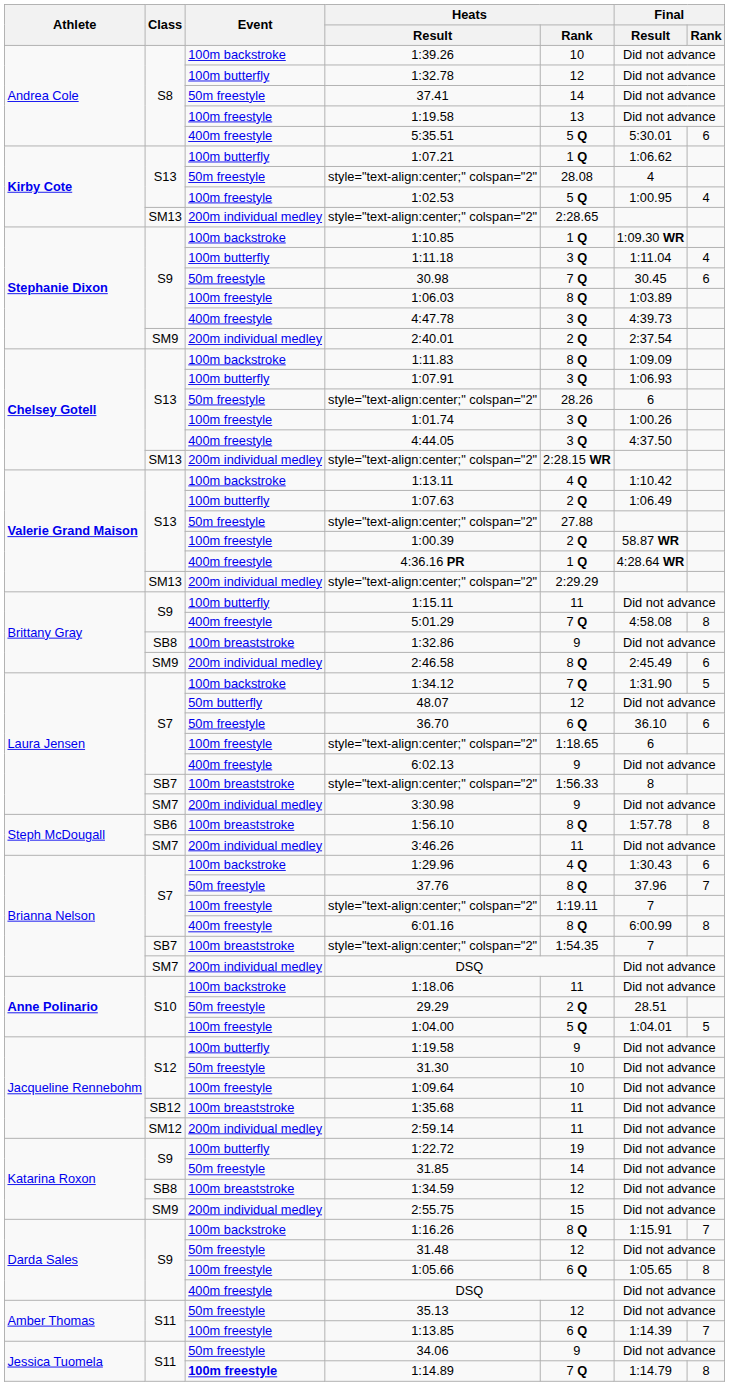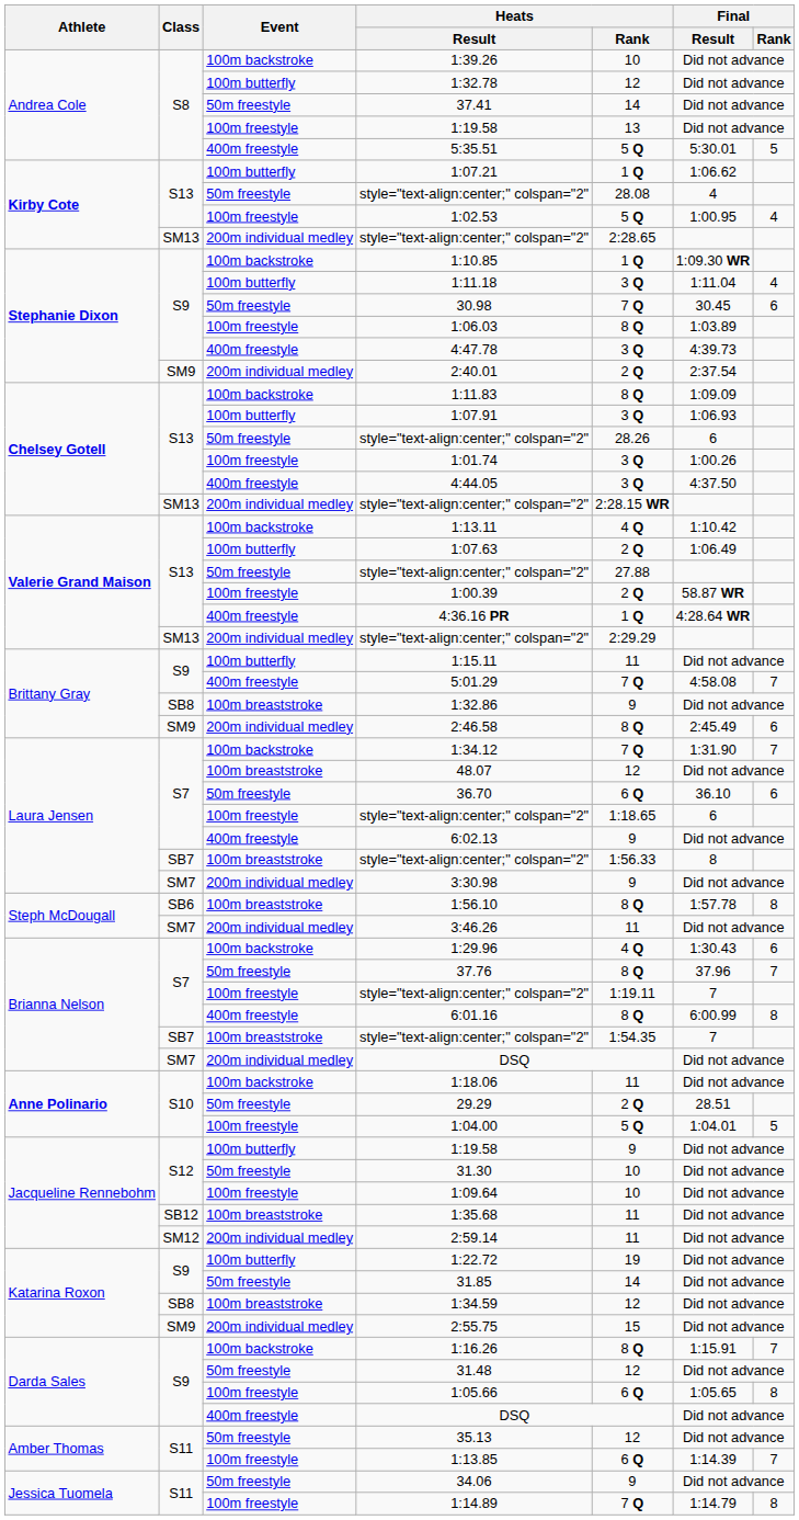 <table class=wikitable style="font-size:90%">
 <tr>
 <th rowspan="2">Athlete</th>
 <th rowspan="2">Class</th>
 <th rowspan="2">Event</th>
 <th colspan="2">Heats</th>
 <th colspan="2">Final</th>
 </tr>
 <tr>
 <th>Result</th>
 <th>Rank</th>
 <th>Result</th>
 <th>Rank</th>
 </tr>
 <tr>
 <td rowspan="5"><a href='#'>Andrea Cole</a></td>
 <td rowspan="5" style="text-align:center;">S8</td>
 <td><a href='#'>100m backstroke</a></td>
 <td style="text-align:center;">1:39.26</td>
 <td style="text-align:center;">10</td>
 <td style="text-align:center;" colspan="2">Did not advance</td>
 </tr>
 <tr>
 <td><a href='#'>100m butterfly</a></td>
 <td style="text-align:center;">1:32.78</td>
 <td style="text-align:center;">12</td>
 <td style="text-align:center;" colspan="2">Did not advance</td>
 </tr>
 <tr>
 <td><a href='#'>50m freestyle</a></td>
 <td style="text-align:center;">37.41</td>
 <td style="text-align:center;">14</td>
 <td style="text-align:center;" colspan="2">Did not advance</td>
 </tr>
 <tr>
 <td><a href='#'>100m freestyle</a></td>
 <td style="text-align:center;">1:19.58</td>
 <td style="text-align:center;">13</td>
 <td style="text-align:center;" colspan="2">Did not advance</td>
 </tr>
 <tr>
 <td><a href='#'>400m freestyle</a></td>
 <td style="text-align:center;">5:35.51</td>
 <td style="text-align:center;">5 <strong>Q</strong></td>
 <td style="text-align:center;">5:30.01</td>
-<td style="text-align:center;">6</td>
+<td style="text-align:center;">5</td>
 </tr>
 <tr>
 <td rowspan="4"><strong><a href='#'>Kirby Cote</a></strong></td>
 <td rowspan="3" style="text-align:center;">S13</td>
 <td><a href='#'>100m butterfly</a></td>
 <td style="text-align:center;">1:07.21</td>
 <td style="text-align:center;">1 <strong>Q</strong></td>
 <td style="text-align:center;">1:06.62</td>
 <td style="text-align:center;"></td>
 </tr>
 <tr>
 <td><a href='#'>50m freestyle</a></td>
 <td>style="text-align:center;" colspan="2" </td>
 <td style="text-align:center;">28.08</td>
 <td style="text-align:center;">4</td>
 </tr>
 <tr>
 <td><a href='#'>100m freestyle</a></td>
 <td style="text-align:center;">1:02.53</td>
 <td style="text-align:center;">5 <strong>Q</strong></td>
 <td style="text-align:center;">1:00.95</td>
 <td style="text-align:center;">4</td>
 </tr>
 <tr>
 <td style="text-align:center;">SM13</td>
 <td><a href='#'>200m individual medley</a></td>
 <td>style="text-align:center;" colspan="2" </td>
 <td style="text-align:center;">2:28.65</td>
 <td style="text-align:center;"></td>
 </tr>
 <tr>
 <td rowspan="6"><strong><a href='#'>Stephanie Dixon</a></strong></td>
 <td rowspan="5" style="text-align:center;">S9</td>
 <td><a href='#'>100m backstroke</a></td>
 <td style="text-align:center;">1:10.85</td>
 <td style="text-align:center;">1 <strong>Q</strong></td>
 <td style="text-align:center;">1:09.30 <strong>WR</strong></td>
 <td style="text-align:center;"></td>
 </tr>
 <tr>
 <td><a href='#'>100m butterfly</a></td>
 <td style="text-align:center;">1:11.18</td>
 <td style="text-align:center;">3 <strong>Q</strong></td>
 <td style="text-align:center;">1:11.04</td>
 <td style="text-align:center;">4</td>
 </tr>
 <tr>
 <td><a href='#'>50m freestyle</a></td>
 <td style="text-align:center;">30.98</td>
 <td style="text-align:center;">7 <strong>Q</strong></td>
 <td style="text-align:center;">30.45</td>
 <td style="text-align:center;">6</td>
 </tr>
 <tr>
 <td><a href='#'>100m freestyle</a></td>
 <td style="text-align:center;">1:06.03</td>
 <td style="text-align:center;">8 <strong>Q</strong></td>
 <td style="text-align:center;">1:03.89</td>
 <td style="text-align:center;"></td>
 </tr>
 <tr>
 <td><a href='#'>400m freestyle</a></td>
 <td style="text-align:center;">4:47.78</td>
 <td style="text-align:center;">3 <strong>Q</strong></td>
 <td style="text-align:center;">4:39.73</td>
 <td style="text-align:center;"></td>
 </tr>
 <tr>
 <td style="text-align:center;">SM9</td>
 <td><a href='#'>200m individual medley</a></td>
 <td style="text-align:center;">2:40.01</td>
 <td style="text-align:center;">2 <strong>Q</strong></td>
 <td style="text-align:center;">2:37.54</td>
 <td style="text-align:center;"></td>
 </tr>
 <tr>
 <td rowspan="6"><strong><a href='#'>Chelsey Gotell</a></strong></td>
 <td rowspan="5" style="text-align:center;">S13</td>
 <td><a href='#'>100m backstroke</a></td>
 <td style="text-align:center;">1:11.83</td>
 <td style="text-align:center;">8 <strong>Q</strong></td>
 <td style="text-align:center;">1:09.09</td>
 <td style="text-align:center;"></td>
 </tr>
 <tr>
 <td><a href='#'>100m butterfly</a></td>
 <td style="text-align:center;">1:07.91</td>
 <td style="text-align:center;">3 <strong>Q</strong></td>
 <td style="text-align:center;">1:06.93</td>
 <td style="text-align:center;"></td>
 </tr>
 <tr>
 <td><a href='#'>50m freestyle</a></td>
 <td>style="text-align:center;" colspan="2" </td>
 <td style="text-align:center;">28.26</td>
 <td style="text-align:center;">6</td>
 </tr>
 <tr>
 <td><a href='#'>100m freestyle</a></td>
 <td style="text-align:center;">1:01.74</td>
 <td style="text-align:center;">3 <strong>Q</strong></td>
 <td style="text-align:center;">1:00.26</td>
 <td style="text-align:center;"></td>
 </tr>
 <tr>
 <td><a href='#'>400m freestyle</a></td>
 <td style="text-align:center;">4:44.05</td>
 <td style="text-align:center;">3 <strong>Q</strong></td>
 <td style="text-align:center;">4:37.50</td>
 <td style="text-align:center;"></td>
 </tr>
 <tr>
 <td style="text-align:center;">SM13</td>
 <td><a href='#'>200m individual medley</a></td>
 <td>style="text-align:center;" colspan="2" </td>
 <td style="text-align:center;">2:28.15 <strong>WR</strong></td>
 <td style="text-align:center;"></td>
 </tr>
 <tr>
 <td rowspan="6"><strong><a href='#'>Valerie Grand Maison</a></strong></td>
 <td rowspan="5" style="text-align:center;">S13</td>
 <td><a href='#'>100m backstroke</a></td>
 <td style="text-align:center;">1:13.11</td>
 <td style="text-align:center;">4 <strong>Q</strong></td>
 <td style="text-align:center;">1:10.42</td>
 <td style="text-align:center;"></td>
 </tr>
 <tr>
 <td><a href='#'>100m butterfly</a></td>
 <td style="text-align:center;">1:07.63</td>
 <td style="text-align:center;">2 <strong>Q</strong></td>
 <td style="text-align:center;">1:06.49</td>
 <td style="text-align:center;"></td>
 </tr>
 <tr>
 <td><a href='#'>50m freestyle</a></td>
 <td>style="text-align:center;" colspan="2" </td>
 <td style="text-align:center;">27.88</td>
 <td style="text-align:center;"></td>
 </tr>
 <tr>
 <td><a href='#'>100m freestyle</a></td>
 <td style="text-align:center;">1:00.39</td>
 <td style="text-align:center;">2 <strong>Q</strong></td>
 <td style="text-align:center;">58.87 <strong>WR</strong></td>
 <td style="text-align:center;"></td>
 </tr>
 <tr>
 <td><a href='#'>400m freestyle</a></td>
 <td style="text-align:center;">4:36.16 <strong>PR</strong></td>
 <td style="text-align:center;">1 <strong>Q</strong></td>
 <td style="text-align:center;">4:28.64 <strong>WR</strong></td>
 <td style="text-align:center;"></td>
 </tr>
 <tr>
 <td style="text-align:center;">SM13</td>
 <td><a href='#'>200m individual medley</a></td>
 <td>style="text-align:center;" colspan="2" </td>
 <td style="text-align:center;">2:29.29</td>
 <td style="text-align:center;"></td>
 </tr>
 <tr>
 <td rowspan="4"><a href='#'>Brittany Gray</a></td>
 <td rowspan="2" style="text-align:center;">S9</td>
 <td><a href='#'>100m butterfly</a></td>
 <td style="text-align:center;">1:15.11</td>
 <td style="text-align:center;">11</td>
 <td style="text-align:center;" colspan="2">Did not advance</td>
 </tr>
 <tr>
 <td><a href='#'>400m freestyle</a></td>
 <td style="text-align:center;">5:01.29</td>
 <td style="text-align:center;">7 <strong>Q</strong></td>
 <td style="text-align:center;">4:58.08</td>
-<td style="text-align:center;">8</td>
+<td style="text-align:center;">7</td>
 </tr>
 <tr>
 <td style="text-align:center;">SB8</td>
 <td><a href='#'>100m breaststroke</a></td>
 <td style="text-align:center;">1:32.86</td>
 <td style="text-align:center;">9</td>
 <td style="text-align:center;" colspan="2">Did not advance</td>
 </tr>
 <tr>
 <td style="text-align:center;">SM9</td>
 <td><a href='#'>200m individual medley</a></td>
 <td style="text-align:center;">2:46.58</td>
 <td style="text-align:center;">8 <strong>Q</strong></td>
 <td style="text-align:center;">2:45.49</td>
 <td style="text-align:center;">6</td>
 </tr>
 <tr>
 <td rowspan="7"><a href='#'>Laura Jensen</a></td>
 <td rowspan="5" style="text-align:center;">S7</td>
 <td><a href='#'>100m backstroke</a></td>
 <td style="text-align:center;">1:34.12</td>
 <td style="text-align:center;">7 <strong>Q</strong></td>
 <td style="text-align:center;">1:31.90</td>
-<td style="text-align:center;">5</td>
+<td style="text-align:center;">7</td>
 </tr>
 <tr>
-<td><a href='#'>50m butterfly</a></td>
+<td><a href='#'>100m breaststroke</a></td>
 <td style="text-align:center;">48.07</td>
 <td style="text-align:center;">12</td>
 <td style="text-align:center;" colspan="2">Did not advance</td>
 </tr>
 <tr>
 <td><a href='#'>50m freestyle</a></td>
 <td style="text-align:center;">36.70</td>
 <td style="text-align:center;">6 <strong>Q</strong></td>
 <td style="text-align:center;">36.10</td>
 <td style="text-align:center;">6</td>
 </tr>
 <tr>
 <td><a href='#'>100m freestyle</a></td>
 <td>style="text-align:center;" colspan="2" </td>
 <td style="text-align:center;">1:18.65</td>
 <td style="text-align:center;">6</td>
 </tr>
 <tr>
 <td><a href='#'>400m freestyle</a></td>
 <td style="text-align:center;">6:02.13</td>
 <td style="text-align:center;">9</td>
 <td style="text-align:center;" colspan="2">Did not advance</td>
 </tr>
 <tr>
 <td style="text-align:center;">SB7</td>
 <td><a href='#'>100m breaststroke</a></td>
 <td>style="text-align:center;" colspan="2" </td>
 <td style="text-align:center;">1:56.33</td>
 <td style="text-align:center;">8</td>
 </tr>
 <tr>
 <td style="text-align:center;">SM7</td>
 <td><a href='#'>200m individual medley</a></td>
 <td style="text-align:center;">3:30.98</td>
 <td style="text-align:center;">9</td>
 <td style="text-align:center;" colspan="2">Did not advance</td>
 </tr>
 <tr>
 <td rowspan="2"><a href='#'>Steph McDougall</a></td>
 <td style="text-align:center;">SB6</td>
 <td><a href='#'>100m breaststroke</a></td>
 <td style="text-align:center;">1:56.10</td>
 <td style="text-align:center;">8 <strong>Q</strong></td>
 <td style="text-align:center;">1:57.78</td>
 <td style="text-align:center;">8</td>
 </tr>
 <tr>
 <td style="text-align:center;">SM7</td>
 <td><a href='#'>200m individual medley</a></td>
 <td style="text-align:center;">3:46.26</td>
 <td style="text-align:center;">11</td>
 <td style="text-align:center;" colspan="2">Did not advance</td>
 </tr>
 <tr>
 <td rowspan="6"><a href='#'>Brianna Nelson</a></td>
 <td rowspan="4" style="text-align:center;">S7</td>
 <td><a href='#'>100m backstroke</a></td>
 <td style="text-align:center;">1:29.96</td>
 <td style="text-align:center;">4 <strong>Q</strong></td>
 <td style="text-align:center;">1:30.43</td>
 <td style="text-align:center;">6</td>
 </tr>
 <tr>
 <td><a href='#'>50m freestyle</a></td>
 <td style="text-align:center;">37.76</td>
 <td style="text-align:center;">8 <strong>Q</strong></td>
 <td style="text-align:center;">37.96</td>
 <td style="text-align:center;">7</td>
 </tr>
 <tr>
 <td><a href='#'>100m freestyle</a></td>
 <td>style="text-align:center;" colspan="2" </td>
 <td style="text-align:center;">1:19.11</td>
 <td style="text-align:center;">7</td>
 </tr>
 <tr>
 <td><a href='#'>400m freestyle</a></td>
 <td style="text-align:center;">6:01.16</td>
 <td style="text-align:center;">8 <strong>Q</strong></td>
 <td style="text-align:center;">6:00.99</td>
 <td style="text-align:center;">8</td>
 </tr>
 <tr>
 <td style="text-align:center;">SB7</td>
 <td><a href='#'>100m breaststroke</a></td>
 <td>style="text-align:center;" colspan="2" </td>
 <td style="text-align:center;">1:54.35</td>
 <td style="text-align:center;">7</td>
 </tr>
 <tr>
 <td style="text-align:center;">SM7</td>
 <td><a href='#'>200m individual medley</a></td>
 <td style="text-align:center;" colspan="2">DSQ</td>
 <td style="text-align:center;" colspan="2">Did not advance</td>
 </tr>
 <tr>
 <td rowspan="3"><strong><a href='#'>Anne Polinario</a></strong></td>
 <td rowspan="3" style="text-align:center;">S10</td>
 <td><a href='#'>100m backstroke</a></td>
 <td style="text-align:center;">1:18.06</td>
 <td style="text-align:center;">11</td>
 <td style="text-align:center;" colspan="2">Did not advance</td>
 </tr>
 <tr>
 <td><a href='#'>50m freestyle</a></td>
 <td style="text-align:center;">29.29</td>
 <td style="text-align:center;">2 <strong>Q</strong></td>
 <td style="text-align:center;">28.51</td>
 <td style="text-align:center;"></td>
 </tr>
 <tr>
 <td><a href='#'>100m freestyle</a></td>
 <td style="text-align:center;">1:04.00</td>
 <td style="text-align:center;">5 <strong>Q</strong></td>
 <td style="text-align:center;">1:04.01</td>
 <td style="text-align:center;">5</td>
 </tr>
 <tr>
 <td rowspan="5"><a href='#'>Jacqueline Rennebohm</a></td>
 <td rowspan="3" style="text-align:center;">S12</td>
 <td><a href='#'>100m butterfly</a></td>
 <td style="text-align:center;">1:19.58</td>
 <td style="text-align:center;">9</td>
 <td style="text-align:center;" colspan="2">Did not advance</td>
 </tr>
 <tr>
 <td><a href='#'>50m freestyle</a></td>
 <td style="text-align:center;">31.30</td>
 <td style="text-align:center;">10</td>
 <td style="text-align:center;" colspan="2">Did not advance</td>
 </tr>
 <tr>
 <td><a href='#'>100m freestyle</a></td>
 <td style="text-align:center;">1:09.64</td>
 <td style="text-align:center;">10</td>
 <td style="text-align:center;" colspan="2">Did not advance</td>
 </tr>
 <tr>
 <td style="text-align:center;">SB12</td>
 <td><a href='#'>100m breaststroke</a></td>
 <td style="text-align:center;">1:35.68</td>
 <td style="text-align:center;">11</td>
 <td style="text-align:center;" colspan="2">Did not advance</td>
 </tr>
 <tr>
 <td style="text-align:center;">SM12</td>
 <td><a href='#'>200m individual medley</a></td>
 <td style="text-align:center;">2:59.14</td>
 <td style="text-align:center;">11</td>
 <td style="text-align:center;" colspan="2">Did not advance</td>
 </tr>
 <tr>
 <td rowspan="4"><a href='#'>Katarina Roxon</a></td>
 <td rowspan="2" style="text-align:center;">S9</td>
 <td><a href='#'>100m butterfly</a></td>
 <td style="text-align:center;">1:22.72</td>
 <td style="text-align:center;">19</td>
 <td style="text-align:center;" colspan="2">Did not advance</td>
 </tr>
 <tr>
 <td><a href='#'>50m freestyle</a></td>
 <td style="text-align:center;">31.85</td>
 <td style="text-align:center;">14</td>
 <td style="text-align:center;" colspan="2">Did not advance</td>
 </tr>
 <tr>
 <td style="text-align:center;">SB8</td>
 <td><a href='#'>100m breaststroke</a></td>
 <td style="text-align:center;">1:34.59</td>
 <td style="text-align:center;">12</td>
 <td style="text-align:center;" colspan="2">Did not advance</td>
 </tr>
 <tr>
 <td style="text-align:center;">SM9</td>
 <td><a href='#'>200m individual medley</a></td>
 <td style="text-align:center;">2:55.75</td>
 <td style="text-align:center;">15</td>
 <td style="text-align:center;" colspan="2">Did not advance</td>
 </tr>
 <tr>
 <td rowspan="4"><a href='#'>Darda Sales</a></td>
 <td rowspan="4" style="text-align:center;">S9</td>
 <td><a href='#'>100m backstroke</a></td>
 <td style="text-align:center;">1:16.26</td>
 <td style="text-align:center;">8 <strong>Q</strong></td>
 <td style="text-align:center;">1:15.91</td>
 <td style="text-align:center;">7</td>
 </tr>
 <tr>
 <td><a href='#'>50m freestyle</a></td>
 <td style="text-align:center;">31.48</td>
 <td style="text-align:center;">12</td>
 <td style="text-align:center;" colspan="2">Did not advance</td>
 </tr>
 <tr>
 <td><a href='#'>100m freestyle</a></td>
 <td style="text-align:center;">1:05.66</td>
 <td style="text-align:center;">6 <strong>Q</strong></td>
 <td style="text-align:center;">1:05.65</td>
 <td style="text-align:center;">8</td>
 </tr>
 <tr>
 <td><a href='#'>400m freestyle</a></td>
 <td style="text-align:center;" colspan="2">DSQ</td>
 <td style="text-align:center;" colspan="2">Did not advance</td>
 </tr>
 <tr>
 <td rowspan="2"><a href='#'>Amber Thomas</a></td>
 <td rowspan="2" style="text-align:center;">S11</td>
 <td><a href='#'>50m freestyle</a></td>
 <td style="text-align:center;">35.13</td>
 <td style="text-align:center;">12</td>
 <td style="text-align:center;" colspan="2">Did not advance</td>
 </tr>
 <tr>
 <td><a href='#'>100m freestyle</a></td>
 <td style="text-align:center;">1:13.85</td>
 <td style="text-align:center;">6 <strong>Q</strong></td>
 <td style="text-align:center;">1:14.39</td>
 <td style="text-align:center;">7</td>
 </tr>
 <tr>
 <td rowspan="2"><a href='#'>Jessica Tuomela</a></td>
 <td rowspan="2" style="text-align:center;">S11</td>
 <td><a href='#'>50m freestyle</a></td>
 <td style="text-align:center;">34.06</td>
 <td style="text-align:center;">9</td>
 <td style="text-align:center;" colspan="2">Did not advance</td>
 </tr>
 <tr>
-<td><strong><a href='#'>100m freestyle</a></strong></td>
+<td><a href='#'>100m freestyle</a></td>
 <td style="text-align:center;">1:14.89</td>
 <td style="text-align:center;">7 <strong>Q</strong></td>
 <td style="text-align:center;">1:14.79</td>
 <td style="text-align:center;">8</td>
 </tr>
 </table>
